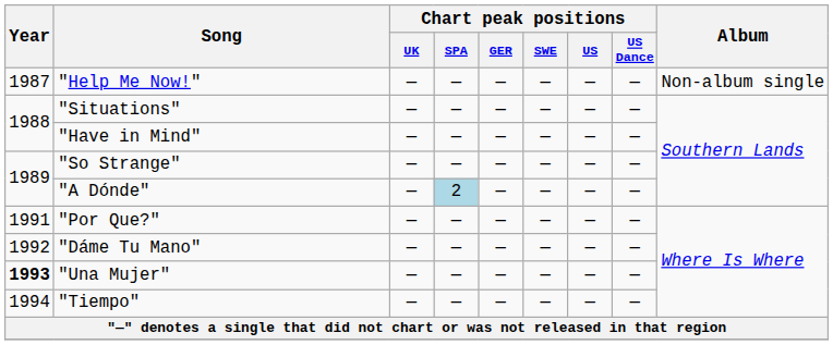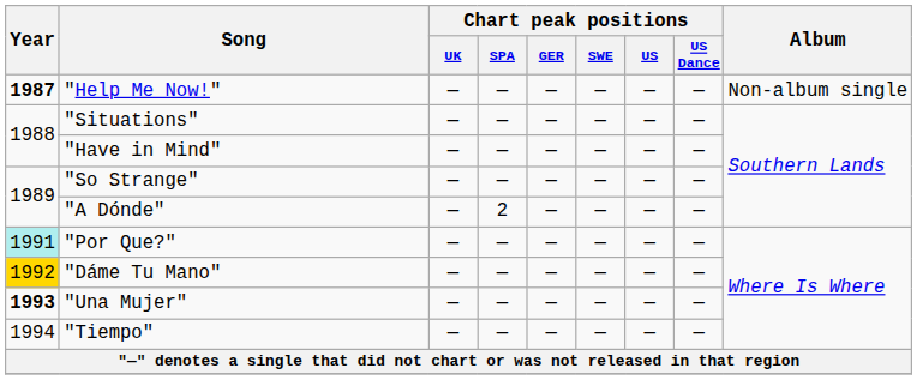 <table class="wikitable">
 <tr>
 <th rowspan="2">Year</th>
 <th rowspan="2" style="width:250px;">Song</th>
 <th colspan="6">Chart peak positions</th>
 <th rowspan="2">Album</th>
 </tr>
 <tr>
 <th style="width:3em;font-size:75%;"><a href='#'>UK</a></th>
 <th style="width:3em;font-size:75%;"><a href='#'>SPA</a><br></th>
 <th style="width:3em;font-size:75%;"><a href='#'>GER</a></th>
 <th style="width:3em;font-size:75%;"><a href='#'>SWE</a></th>
 <th style="width:3em;font-size:75%;"><a href='#'>US</a></th>
 <th style="width:3em;font-size:75%;"><a href='#'>US Dance</a><br></th>
 </tr>
 <tr>
-<td rowspan="1">1987</td>
+<td rowspan="1"><strong>1987</strong></td>
 <td>"<a href='#'>Help Me Now!</a>"</td>
 <td align="center">—</td>
 <td align="center">—</td>
 <td align="center">—</td>
 <td align="center">—</td>
 <td align="center">—</td>
 <td align="center">—</td>
 <td rowspan="1">Non-album single</td>
 </tr>
 <tr>
 <td rowspan="2">1988</td>
 <td>"Situations"</td>
 <td align="center">—</td>
 <td align="center">—</td>
 <td align="center">—</td>
 <td align="center">—</td>
 <td align="center">—</td>
 <td align="center">—</td>
 <td rowspan="4"><em><a href='#'>Southern Lands</a></em></td>
 </tr>
 <tr>
 <td>"Have in Mind"</td>
 <td align="center">—</td>
 <td align="center">—</td>
 <td align="center">—</td>
 <td align="center">—</td>
 <td align="center">—</td>
 <td align="center">—</td>
 </tr>
 <tr>
 <td rowspan="2">1989</td>
 <td>"So Strange"</td>
 <td align="center">—</td>
 <td align="center">—</td>
 <td align="center">—</td>
 <td align="center">—</td>
 <td align="center">—</td>
 <td align="center">—</td>
 </tr>
 <tr>
 <td>"A Dónde"</td>
 <td align="center">—</td>
-<td align="center" style="background: lightblue;">2</td>
+<td align="center">2</td>
 <td align="center">—</td>
 <td align="center">—</td>
 <td align="center">—</td>
 <td align="center">—</td>
 </tr>
 <tr>
-<td rowspan="1">1991</td>
+<td rowspan="1" style="background: paleturquoise;">1991</td>
 <td>"Por Que?"</td>
 <td align="center">—</td>
 <td align="center">—</td>
 <td align="center">—</td>
 <td align="center">—</td>
 <td align="center">—</td>
 <td align="center">—</td>
 <td rowspan="4"><em><a href='#'>Where Is Where</a></em></td>
 </tr>
 <tr>
-<td rowspan="1">1992</td>
+<td rowspan="1" style="background: gold;">1992</td>
 <td>"Dáme Tu Mano"</td>
 <td align="center">—</td>
 <td align="center">—</td>
 <td align="center">—</td>
 <td align="center">—</td>
 <td align="center">—</td>
 <td align="center">—</td>
 </tr>
 <tr>
 <td rowspan="1"><strong>1993</strong></td>
 <td>"Una Mujer"</td>
 <td align="center">—</td>
 <td align="center">—</td>
 <td align="center">—</td>
 <td align="center">—</td>
 <td align="center">—</td>
 <td align="center">—</td>
 </tr>
 <tr>
 <td rowspan="1">1994</td>
 <td>"Tiempo"</td>
 <td align="center">—</td>
 <td align="center">—</td>
 <td align="center">—</td>
 <td align="center">—</td>
 <td align="center">—</td>
 <td align="center">—</td>
 </tr>
 <tr>
 <th colspan="9" style="font-size: 8pt">"—" denotes a single that did not chart or was not released in that region</th>
 </tr>
 <tr>
 </tr>
 </table>
